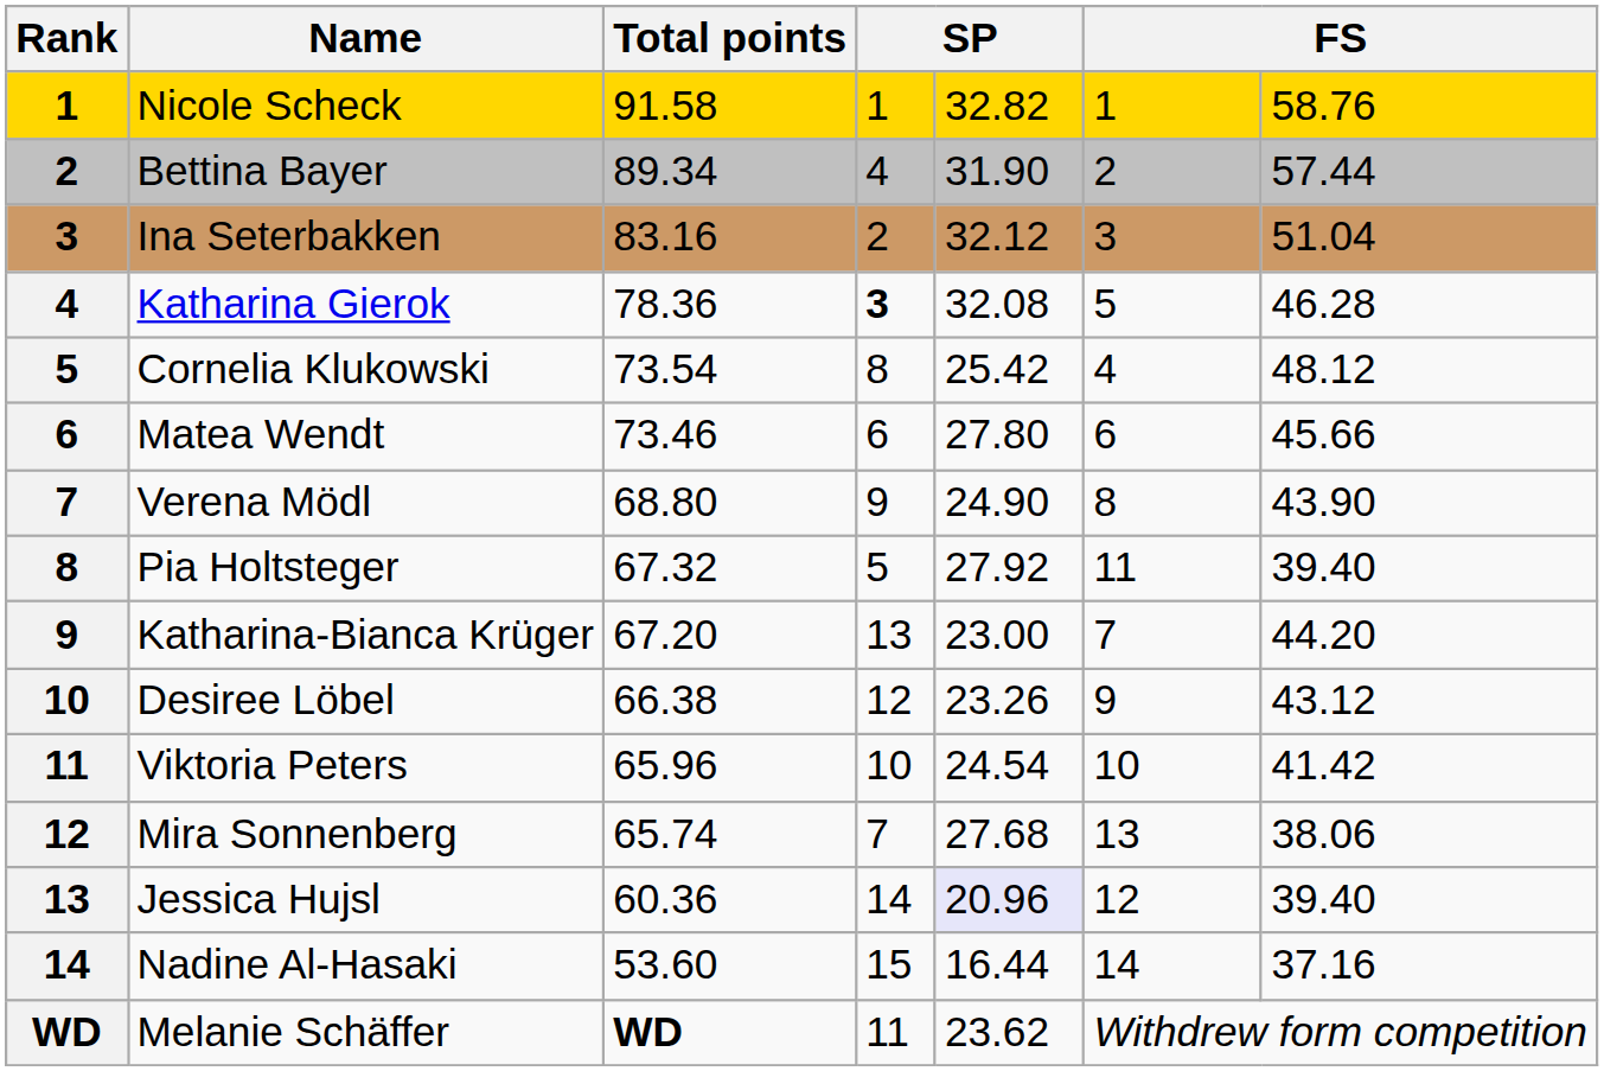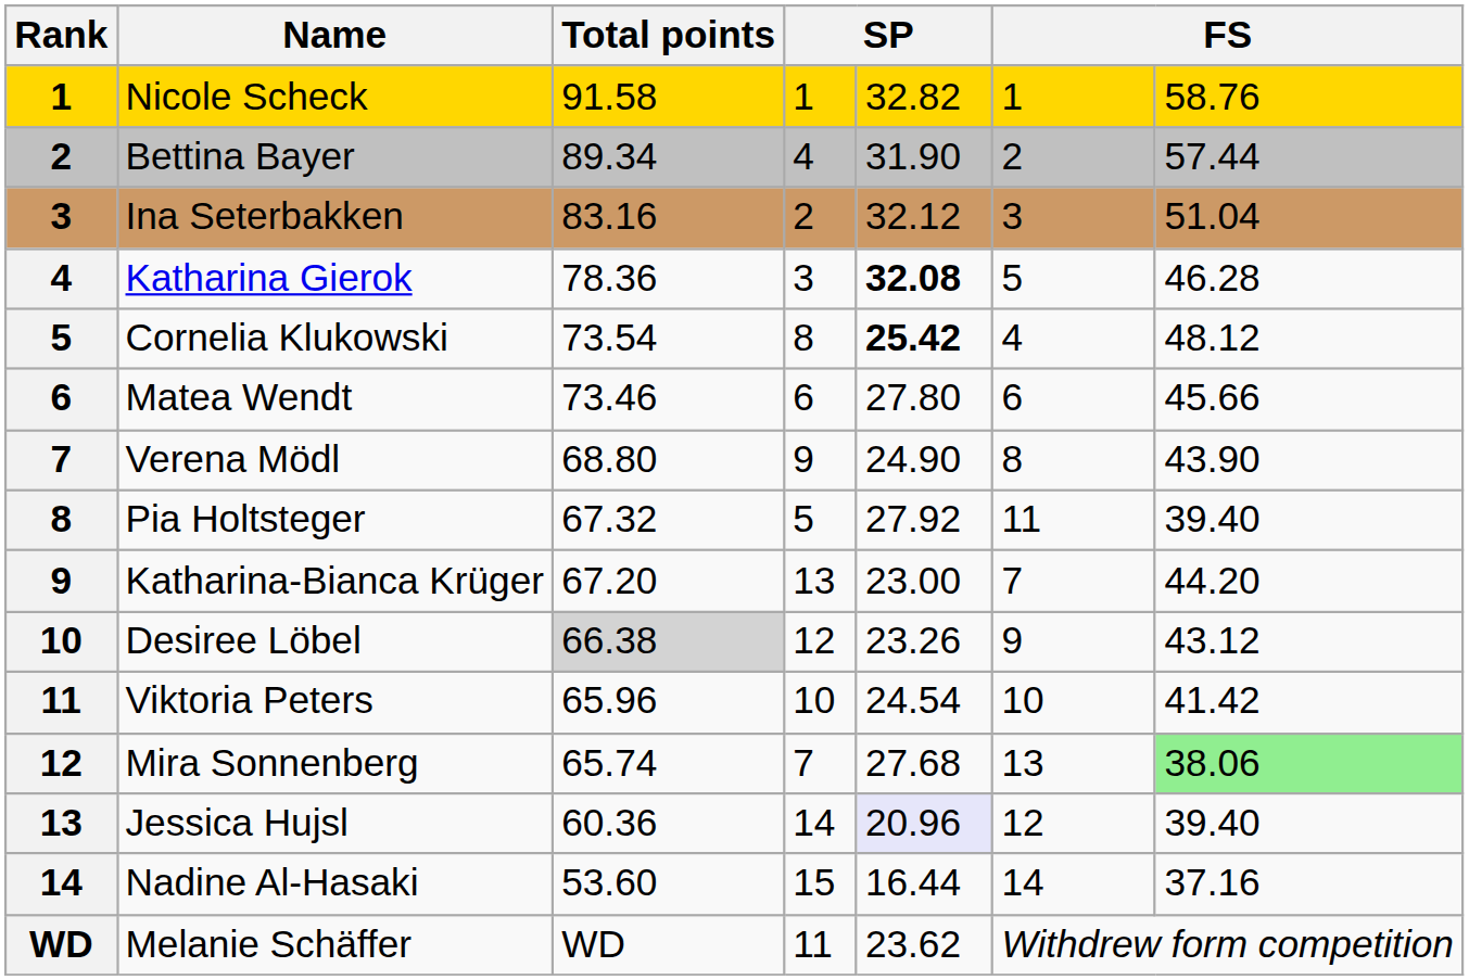 <table class="wikitable">
 <tr>
 <th>Rank</th>
 <th>Name</th>
 <th>Total points</th>
 <th colspan="2" width="80px">SP</th>
 <th colspan="2" width="80px">FS</th>
 </tr>
 <tr bgcolor="gold">
 <td align="center"><strong>1</strong></td>
 <td>Nicole Scheck</td>
 <td>91.58</td>
 <td>1</td>
 <td>32.82</td>
 <td>1</td>
 <td>58.76</td>
 </tr>
 <tr bgcolor="silver">
 <td align="center"><strong>2</strong></td>
 <td>Bettina Bayer</td>
 <td>89.34</td>
 <td>4</td>
 <td>31.90</td>
 <td>2</td>
 <td>57.44</td>
 </tr>
 <tr bgcolor="cc9966">
 <td align="center"><strong>3</strong></td>
 <td>Ina Seterbakken</td>
 <td>83.16</td>
 <td>2</td>
 <td>32.12</td>
 <td>3</td>
 <td>51.04</td>
 </tr>
 <tr>
 <th>4</th>
 <td><a href='#'>Katharina Gierok</a></td>
 <td>78.36</td>
-<td><strong>3</strong></td>
-<td>32.08</td>
+<td>3</td>
+<td><strong>32.08</strong></td>
 <td>5</td>
 <td>46.28</td>
 </tr>
 <tr>
 <th>5</th>
 <td>Cornelia Klukowski</td>
 <td>73.54</td>
 <td>8</td>
-<td>25.42</td>
+<td><strong>25.42</strong></td>
 <td>4</td>
 <td>48.12</td>
 </tr>
 <tr>
 <th>6</th>
 <td>Matea Wendt</td>
 <td>73.46</td>
 <td>6</td>
 <td>27.80</td>
 <td>6</td>
 <td>45.66</td>
 </tr>
 <tr>
 <th>7</th>
 <td>Verena Mödl</td>
 <td>68.80</td>
 <td>9</td>
 <td>24.90</td>
 <td>8</td>
 <td>43.90</td>
 </tr>
 <tr>
 <th>8</th>
 <td>Pia Holtsteger</td>
 <td>67.32</td>
 <td>5</td>
 <td>27.92</td>
 <td>11</td>
 <td>39.40</td>
 </tr>
 <tr>
 <th>9</th>
 <td>Katharina-Bianca Krüger</td>
 <td>67.20</td>
 <td>13</td>
 <td>23.00</td>
 <td>7</td>
 <td>44.20</td>
 </tr>
 <tr>
 <th>10</th>
 <td>Desiree Löbel</td>
-<td>66.38</td>
+<td style="background: lightgrey;">66.38</td>
 <td>12</td>
 <td>23.26</td>
 <td>9</td>
 <td>43.12</td>
 </tr>
 <tr>
 <th>11</th>
 <td>Viktoria Peters</td>
 <td>65.96</td>
 <td>10</td>
 <td>24.54</td>
 <td>10</td>
 <td>41.42</td>
 </tr>
 <tr>
 <th>12</th>
 <td>Mira Sonnenberg</td>
 <td>65.74</td>
 <td>7</td>
 <td>27.68</td>
 <td>13</td>
-<td>38.06</td>
+<td style="background: lightgreen;">38.06</td>
 </tr>
 <tr>
 <th>13</th>
 <td>Jessica Hujsl</td>
 <td>60.36</td>
 <td>14</td>
 <td style="background: lavender;">20.96</td>
 <td>12</td>
 <td>39.40</td>
 </tr>
 <tr>
 <th>14</th>
 <td>Nadine Al-Hasaki</td>
 <td>53.60</td>
 <td>15</td>
 <td>16.44</td>
 <td>14</td>
 <td>37.16</td>
 </tr>
 <tr>
 <th>WD</th>
 <td>Melanie Schäffer</td>
-<td><strong>WD</strong></td>
+<td>WD</td>
 <td>11</td>
 <td>23.62</td>
 <td colspan="2"><em>Withdrew form competition</em></td>
 </tr>
 </table>
